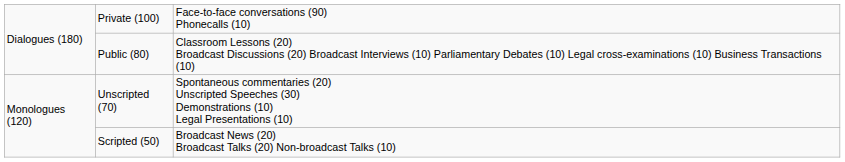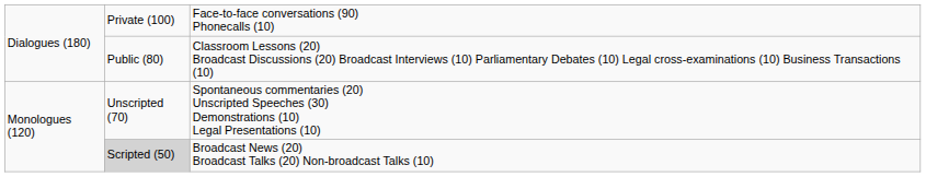 <table class="wikitable">
 <tr>
 <td rowspan="2">Dialogues (180)</td>
 <td>Private (100)</td>
 <td>Face-to-face conversations (90)<br>Phonecalls (10)</td>
 </tr>
 <tr>
 <td>Public (80)</td>
 <td>Classroom Lessons (20)<br>Broadcast Discussions (20) Broadcast Interviews (10) Parliamentary Debates (10) Legal cross-examinations (10) Business Transactions (10)</td>
 </tr>
 <tr>
 <td rowspan="2">Monologues (120)</td>
 <td>Unscripted (70)</td>
 <td>Spontaneous commentaries (20)<br>Unscripted Speeches (30)<br>Demonstrations (10)<br>Legal Presentations (10)</td>
 </tr>
 <tr>
-<td>Scripted (50)</td>
+<td style="background: lightgrey;">Scripted (50)</td>
 <td>Broadcast News (20)<br>Broadcast Talks (20) Non-broadcast Talks (10)</td>
 </tr>
 </table>
